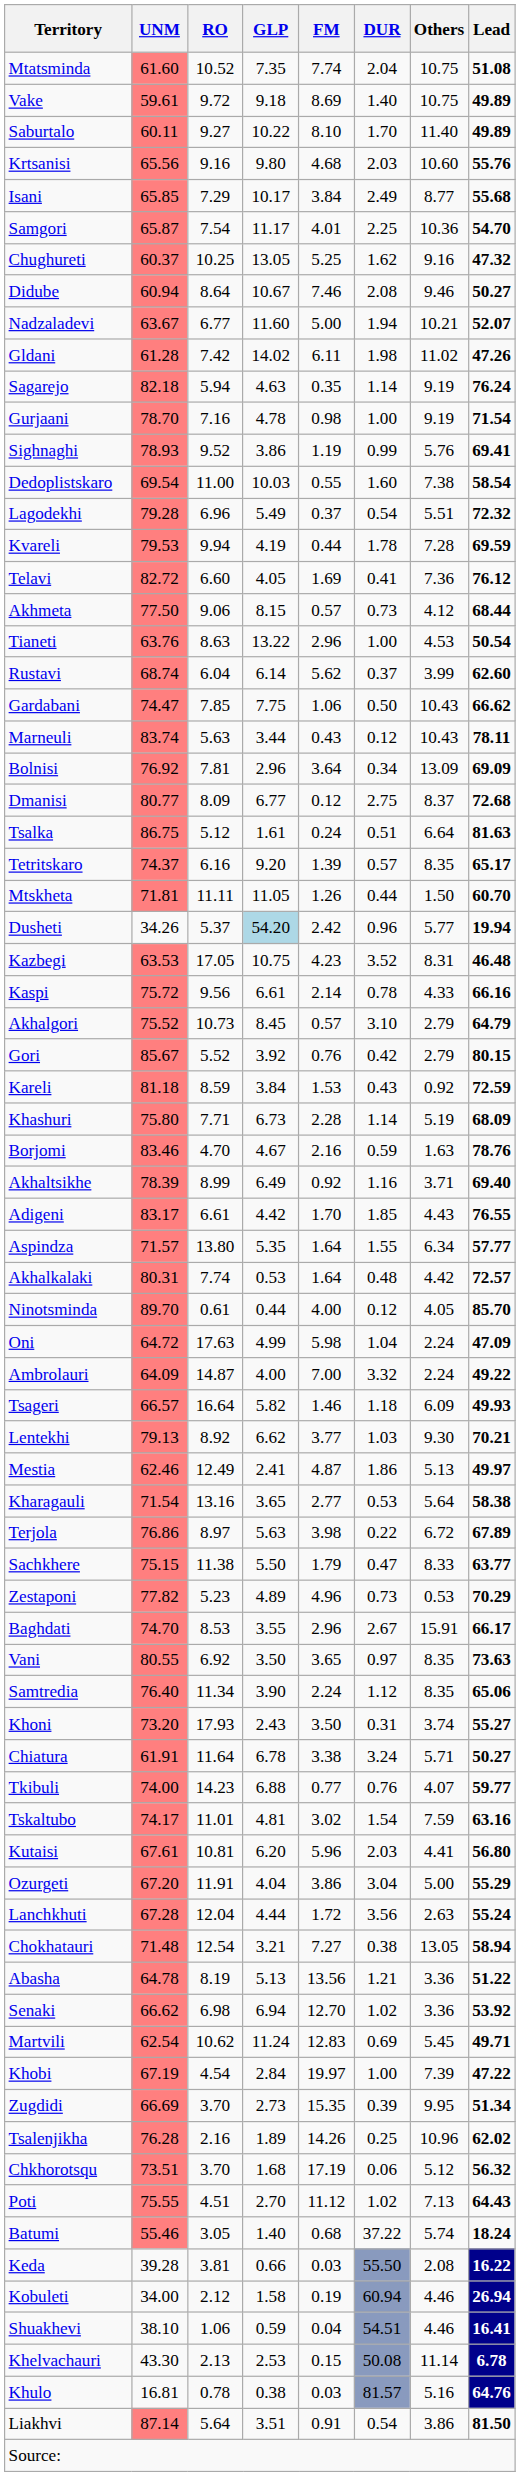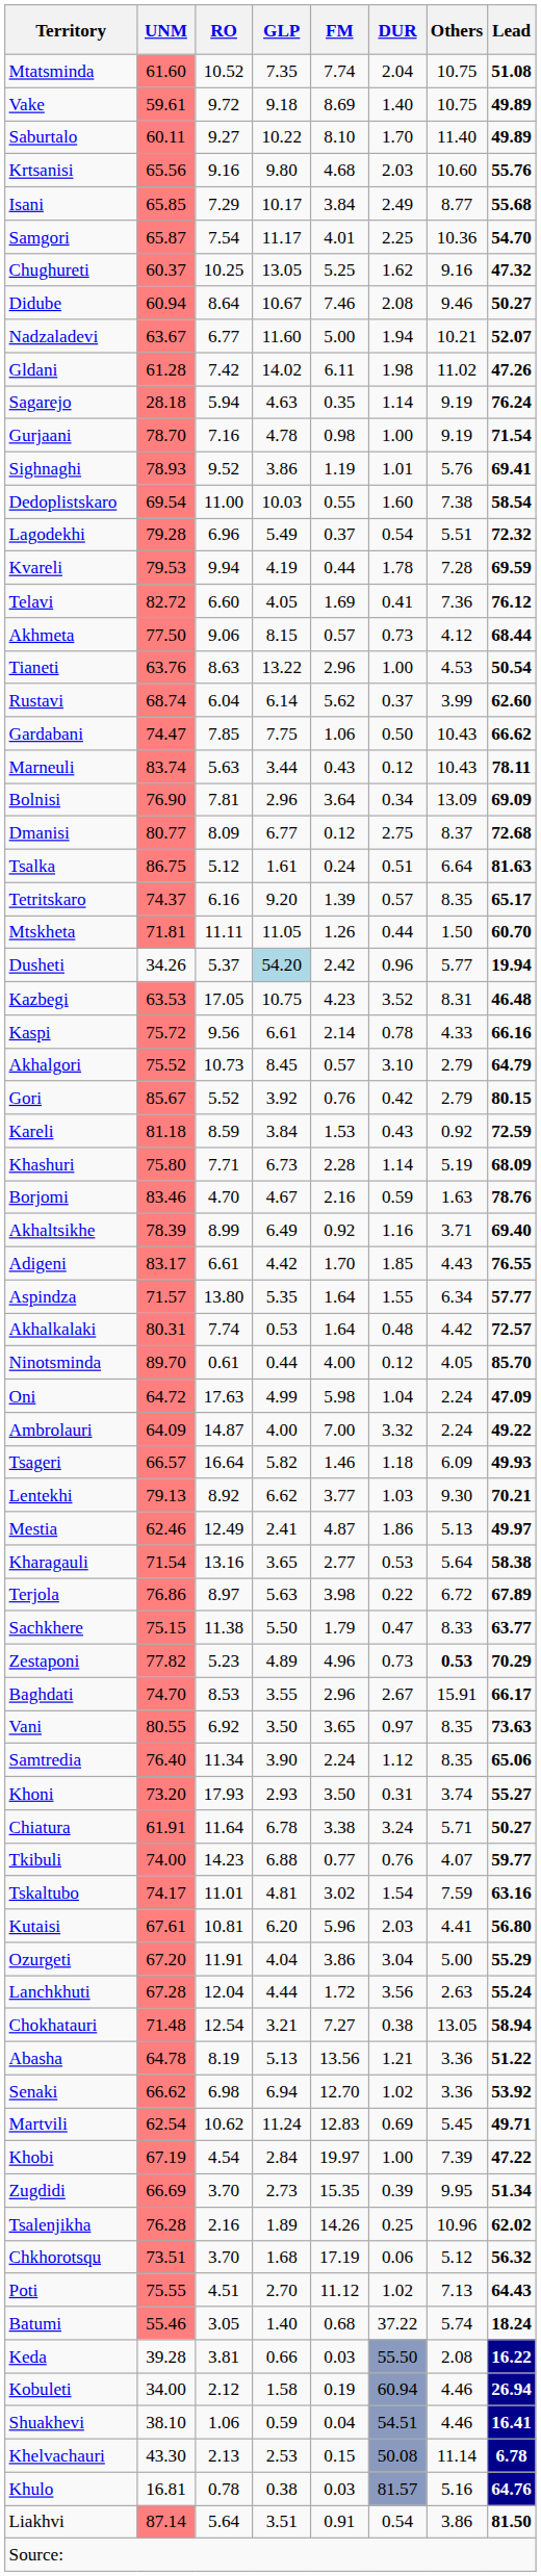 <table class="wikitable sortable" style="text-align:center;font-size:90%;line-height:20px">
 <tr style="height:40px;">
 <th style="width:100px;">Territory</th>
 <th style="width:40px;"><a href='#'>UNM</a></th>
 <th style="width:40px;"><a href='#'>RO</a></th>
 <th style="width:40px;"><a href='#'>GLP</a></th>
 <th style="width:40px;"><a href='#'>FM</a></th>
 <th style="width:40px;"><a href='#'>DUR</a></th>
 <th style="width:40px;">Others</th>
 <th style="width:30px;">Lead</th>
 </tr>
 <tr>
 <td align="left"><a href='#'>Mtatsminda</a></td>
 <td style="background:#FF7F7F;">61.60</td>
 <td>10.52</td>
 <td>7.35</td>
 <td>7.74</td>
 <td>2.04</td>
 <td>10.75</td>
 <td style="background:"><strong>51.08</strong></td>
 </tr>
 <tr>
 <td align="left"><a href='#'>Vake</a></td>
 <td style="background:#FF7F7F;">59.61</td>
 <td>9.72</td>
 <td>9.18</td>
 <td>8.69</td>
 <td>1.40</td>
 <td>10.75</td>
 <td style="background:"><strong>49.89</strong></td>
 </tr>
 <tr>
 <td align="left"><a href='#'>Saburtalo</a></td>
 <td style="background:#FF7F7F;">60.11</td>
 <td>9.27</td>
 <td>10.22</td>
 <td>8.10</td>
 <td>1.70</td>
 <td>11.40</td>
 <td style="background:"><strong>49.89</strong></td>
 </tr>
 <tr>
 <td align="left"><a href='#'>Krtsanisi</a></td>
 <td style="background:#FF7F7F;">65.56</td>
 <td>9.16</td>
 <td>9.80</td>
 <td>4.68</td>
 <td>2.03</td>
 <td>10.60</td>
 <td style="background:"><strong>55.76</strong></td>
 </tr>
 <tr>
 <td align="left"><a href='#'>Isani</a></td>
 <td style="background:#FF7F7F;">65.85</td>
 <td>7.29</td>
 <td>10.17</td>
 <td>3.84</td>
 <td>2.49</td>
 <td>8.77</td>
 <td style="background:"><strong>55.68</strong></td>
 </tr>
 <tr>
 <td align="left"><a href='#'>Samgori</a></td>
 <td style="background:#FF7F7F;">65.87</td>
 <td>7.54</td>
 <td>11.17</td>
 <td>4.01</td>
 <td>2.25</td>
 <td>10.36</td>
 <td style="background:"><strong>54.70</strong></td>
 </tr>
 <tr>
 <td align="left"><a href='#'>Chughureti</a></td>
 <td style="background:#FF7F7F;">60.37</td>
 <td>10.25</td>
 <td>13.05</td>
 <td>5.25</td>
 <td>1.62</td>
 <td>9.16</td>
 <td style="background:"><strong>47.32</strong></td>
 </tr>
 <tr>
 <td align="left"><a href='#'>Didube</a></td>
 <td style="background:#FF7F7F;">60.94</td>
 <td>8.64</td>
 <td>10.67</td>
 <td>7.46</td>
 <td>2.08</td>
 <td>9.46</td>
 <td style="background:"><strong>50.27</strong></td>
 </tr>
 <tr>
 <td align="left"><a href='#'>Nadzaladevi</a></td>
 <td style="background:#FF7F7F;">63.67</td>
 <td>6.77</td>
 <td>11.60</td>
 <td>5.00</td>
 <td>1.94</td>
 <td>10.21</td>
 <td style="background:"><strong>52.07</strong></td>
 </tr>
 <tr>
 <td align="left"><a href='#'>Gldani</a></td>
 <td style="background:#FF7F7F;">61.28</td>
 <td>7.42</td>
 <td>14.02</td>
 <td>6.11</td>
 <td>1.98</td>
 <td>11.02</td>
 <td style="background:"><strong>47.26</strong></td>
 </tr>
 <tr>
 <td align="left"><a href='#'>Sagarejo</a></td>
-<td style="background:#FF7F7F;">82.18</td>
+<td style="background:#FF7F7F;">28.18</td>
 <td>5.94</td>
 <td>4.63</td>
 <td>0.35</td>
 <td>1.14</td>
 <td>9.19</td>
 <td style="background:"><strong>76.24</strong></td>
 </tr>
 <tr>
 <td align="left"><a href='#'>Gurjaani</a></td>
 <td style="background:#FF7F7F;">78.70</td>
 <td>7.16</td>
 <td>4.78</td>
 <td>0.98</td>
 <td>1.00</td>
 <td>9.19</td>
 <td style="background:"><strong>71.54</strong></td>
 </tr>
 <tr>
 <td align="left"><a href='#'>Sighnaghi</a></td>
 <td style="background:#FF7F7F;">78.93</td>
 <td>9.52</td>
 <td>3.86</td>
 <td>1.19</td>
-<td>0.99</td>
+<td>1.01</td>
 <td>5.76</td>
 <td style="background:"><strong>69.41</strong></td>
 </tr>
 <tr>
 <td align="left"><a href='#'>Dedoplistskaro</a></td>
 <td style="background:#FF7F7F;">69.54</td>
 <td>11.00</td>
 <td>10.03</td>
 <td>0.55</td>
 <td>1.60</td>
 <td>7.38</td>
 <td style="background:"><strong>58.54</strong></td>
 </tr>
 <tr>
 <td align="left"><a href='#'>Lagodekhi</a></td>
 <td style="background:#FF7F7F;">79.28</td>
 <td>6.96</td>
 <td>5.49</td>
 <td>0.37</td>
 <td>0.54</td>
 <td>5.51</td>
 <td style="background:"><strong>72.32</strong></td>
 </tr>
 <tr>
 <td align="left"><a href='#'>Kvareli</a></td>
 <td style="background:#FF7F7F;">79.53</td>
 <td>9.94</td>
 <td>4.19</td>
 <td>0.44</td>
 <td>1.78</td>
 <td>7.28</td>
 <td style="background:"><strong>69.59</strong></td>
 </tr>
 <tr>
 <td align="left"><a href='#'>Telavi</a></td>
 <td style="background:#FF7F7F;">82.72</td>
 <td>6.60</td>
 <td>4.05</td>
 <td>1.69</td>
 <td>0.41</td>
 <td>7.36</td>
 <td style="background:"><strong>76.12</strong></td>
 </tr>
 <tr>
 <td align="left"><a href='#'>Akhmeta</a></td>
 <td style="background:#FF7F7F;">77.50</td>
 <td>9.06</td>
 <td>8.15</td>
 <td>0.57</td>
 <td>0.73</td>
 <td>4.12</td>
 <td style="background:"><strong>68.44</strong></td>
 </tr>
 <tr>
 <td align="left"><a href='#'>Tianeti</a></td>
 <td style="background:#FF7F7F;">63.76</td>
 <td>8.63</td>
 <td>13.22</td>
 <td>2.96</td>
 <td>1.00</td>
 <td>4.53</td>
 <td style="background:"><strong>50.54</strong></td>
 </tr>
 <tr>
 <td align="left"><a href='#'>Rustavi</a></td>
 <td style="background:#FF7F7F;">68.74</td>
 <td>6.04</td>
 <td>6.14</td>
 <td>5.62</td>
 <td>0.37</td>
 <td>3.99</td>
 <td style="background:"><strong>62.60</strong></td>
 </tr>
 <tr>
 <td align="left"><a href='#'>Gardabani</a></td>
 <td style="background:#FF7F7F;">74.47</td>
 <td>7.85</td>
 <td>7.75</td>
 <td>1.06</td>
 <td>0.50</td>
 <td>10.43</td>
 <td style="background:"><strong>66.62</strong></td>
 </tr>
 <tr>
 <td align="left"><a href='#'>Marneuli</a></td>
 <td style="background:#FF7F7F;">83.74</td>
 <td>5.63</td>
 <td>3.44</td>
 <td>0.43</td>
 <td>0.12</td>
 <td>10.43</td>
 <td style="background:"><strong>78.11</strong></td>
 </tr>
 <tr>
 <td align="left"><a href='#'>Bolnisi</a></td>
-<td style="background:#FF7F7F;">76.92</td>
+<td style="background:#FF7F7F;">76.90</td>
 <td>7.81</td>
 <td>2.96</td>
 <td>3.64</td>
 <td>0.34</td>
 <td>13.09</td>
 <td style="background:"><strong>69.09</strong></td>
 </tr>
 <tr>
 <td align="left"><a href='#'>Dmanisi</a></td>
 <td style="background:#FF7F7F;">80.77</td>
 <td>8.09</td>
 <td>6.77</td>
 <td>0.12</td>
 <td>2.75</td>
 <td>8.37</td>
 <td style="background:"><strong>72.68</strong></td>
 </tr>
 <tr>
 <td align="left"><a href='#'>Tsalka</a></td>
 <td style="background:#FF7F7F;">86.75</td>
 <td>5.12</td>
 <td>1.61</td>
 <td>0.24</td>
 <td>0.51</td>
 <td>6.64</td>
 <td style="background:"><strong>81.63</strong></td>
 </tr>
 <tr>
 <td align="left"><a href='#'>Tetritskaro</a></td>
 <td style="background:#FF7F7F;">74.37</td>
 <td>6.16</td>
 <td>9.20</td>
 <td>1.39</td>
 <td>0.57</td>
 <td>8.35</td>
 <td style="background:"><strong>65.17</strong></td>
 </tr>
 <tr>
 <td align="left"><a href='#'>Mtskheta</a></td>
 <td style="background:#FF7F7F;">71.81</td>
 <td>11.11</td>
 <td>11.05</td>
 <td>1.26</td>
 <td>0.44</td>
 <td>1.50</td>
 <td style="background:"><strong>60.70</strong></td>
 </tr>
 <tr>
 <td align="left"><a href='#'>Dusheti</a></td>
 <td>34.26</td>
 <td>5.37</td>
 <td style="background:#ADD8E6;">54.20</td>
 <td>2.42</td>
 <td>0.96</td>
 <td>5.77</td>
 <td style="background:"><strong>19.94</strong></td>
 </tr>
 <tr>
 <td align="left"><a href='#'>Kazbegi</a></td>
 <td style="background:#FF7F7F;">63.53</td>
 <td>17.05</td>
 <td>10.75</td>
 <td>4.23</td>
 <td>3.52</td>
 <td>8.31</td>
 <td style="background:"><strong>46.48</strong></td>
 </tr>
 <tr>
 <td align="left"><a href='#'>Kaspi</a></td>
 <td style="background:#FF7F7F;">75.72</td>
 <td>9.56</td>
 <td>6.61</td>
 <td>2.14</td>
 <td>0.78</td>
 <td>4.33</td>
 <td style="background:"><strong>66.16</strong></td>
 </tr>
 <tr>
 <td align="left"><a href='#'>Akhalgori</a></td>
 <td style="background:#FF7F7F;">75.52</td>
 <td>10.73</td>
 <td>8.45</td>
 <td>0.57</td>
 <td>3.10</td>
 <td>2.79</td>
 <td style="background:"><strong>64.79</strong></td>
 </tr>
 <tr>
 <td align="left"><a href='#'>Gori</a></td>
 <td style="background:#FF7F7F;">85.67</td>
 <td>5.52</td>
 <td>3.92</td>
 <td>0.76</td>
 <td>0.42</td>
 <td>2.79</td>
 <td style="background:"><strong>80.15</strong></td>
 </tr>
 <tr>
 <td align="left"><a href='#'>Kareli</a></td>
 <td style="background:#FF7F7F;">81.18</td>
 <td>8.59</td>
 <td>3.84</td>
 <td>1.53</td>
 <td>0.43</td>
 <td>0.92</td>
 <td style="background:"><strong>72.59</strong></td>
 </tr>
 <tr>
 <td align="left"><a href='#'>Khashuri</a></td>
 <td style="background:#FF7F7F;">75.80</td>
 <td>7.71</td>
 <td>6.73</td>
 <td>2.28</td>
 <td>1.14</td>
 <td>5.19</td>
 <td style="background:"><strong>68.09</strong></td>
 </tr>
 <tr>
 <td align="left"><a href='#'>Borjomi</a></td>
 <td style="background:#FF7F7F;">83.46</td>
 <td>4.70</td>
 <td>4.67</td>
 <td>2.16</td>
 <td>0.59</td>
 <td>1.63</td>
 <td style="background:"><strong>78.76</strong></td>
 </tr>
 <tr>
 <td align="left"><a href='#'>Akhaltsikhe</a></td>
 <td style="background:#FF7F7F;">78.39</td>
 <td>8.99</td>
 <td>6.49</td>
 <td>0.92</td>
 <td>1.16</td>
 <td>3.71</td>
 <td style="background:"><strong>69.40</strong></td>
 </tr>
 <tr>
 <td align="left"><a href='#'>Adigeni</a></td>
 <td style="background:#FF7F7F;">83.17</td>
 <td>6.61</td>
 <td>4.42</td>
 <td>1.70</td>
 <td>1.85</td>
 <td>4.43</td>
 <td style="background:"><strong>76.55</strong></td>
 </tr>
 <tr>
 <td align="left"><a href='#'>Aspindza</a></td>
 <td style="background:#FF7F7F;">71.57</td>
 <td>13.80</td>
 <td>5.35</td>
 <td>1.64</td>
 <td>1.55</td>
 <td>6.34</td>
 <td style="background:"><strong>57.77</strong></td>
 </tr>
 <tr>
 <td align="left"><a href='#'>Akhalkalaki</a></td>
 <td style="background:#FF7F7F;">80.31</td>
 <td>7.74</td>
 <td>0.53</td>
 <td>1.64</td>
 <td>0.48</td>
 <td>4.42</td>
 <td style="background:"><strong>72.57</strong></td>
 </tr>
 <tr>
 <td align="left"><a href='#'>Ninotsminda</a></td>
 <td style="background:#FF7F7F;">89.70</td>
 <td>0.61</td>
 <td>0.44</td>
 <td>4.00</td>
 <td>0.12</td>
 <td>4.05</td>
 <td style="background:"><strong>85.70</strong></td>
 </tr>
 <tr>
 <td align="left"><a href='#'>Oni</a></td>
 <td style="background:#FF7F7F;">64.72</td>
 <td>17.63</td>
 <td>4.99</td>
 <td>5.98</td>
 <td>1.04</td>
 <td>2.24</td>
 <td style="background:"><strong>47.09</strong></td>
 </tr>
 <tr>
 <td align="left"><a href='#'>Ambrolauri</a></td>
 <td style="background:#FF7F7F;">64.09</td>
 <td>14.87</td>
 <td>4.00</td>
 <td>7.00</td>
 <td>3.32</td>
 <td>2.24</td>
 <td style="background:"><strong>49.22</strong></td>
 </tr>
 <tr>
 <td align="left"><a href='#'>Tsageri</a></td>
 <td style="background:#FF7F7F;">66.57</td>
 <td>16.64</td>
 <td>5.82</td>
 <td>1.46</td>
 <td>1.18</td>
 <td>6.09</td>
 <td style="background:"><strong>49.93</strong></td>
 </tr>
 <tr>
 <td align="left"><a href='#'>Lentekhi</a></td>
 <td style="background:#FF7F7F;">79.13</td>
 <td>8.92</td>
 <td>6.62</td>
 <td>3.77</td>
 <td>1.03</td>
 <td>9.30</td>
 <td style="background:"><strong>70.21</strong></td>
 </tr>
 <tr>
 <td align="left"><a href='#'>Mestia</a></td>
 <td style="background:#FF7F7F;">62.46</td>
 <td>12.49</td>
 <td>2.41</td>
 <td>4.87</td>
 <td>1.86</td>
 <td>5.13</td>
 <td style="background:"><strong>49.97</strong></td>
 </tr>
 <tr>
 <td align="left"><a href='#'>Kharagauli</a></td>
 <td style="background:#FF7F7F;">71.54</td>
 <td>13.16</td>
 <td>3.65</td>
 <td>2.77</td>
 <td>0.53</td>
 <td>5.64</td>
 <td style="background:"><strong>58.38</strong></td>
 </tr>
 <tr>
 <td align="left"><a href='#'>Terjola</a></td>
 <td style="background:#FF7F7F;">76.86</td>
 <td>8.97</td>
 <td>5.63</td>
 <td>3.98</td>
 <td>0.22</td>
 <td>6.72</td>
 <td style="background:"><strong>67.89</strong></td>
 </tr>
 <tr>
 <td align="left"><a href='#'>Sachkhere</a></td>
 <td style="background:#FF7F7F;">75.15</td>
 <td>11.38</td>
 <td>5.50</td>
 <td>1.79</td>
 <td>0.47</td>
 <td>8.33</td>
 <td style="background:"><strong>63.77</strong></td>
 </tr>
 <tr>
 <td align="left"><a href='#'>Zestaponi</a></td>
 <td style="background:#FF7F7F;">77.82</td>
 <td>5.23</td>
 <td>4.89</td>
 <td>4.96</td>
 <td>0.73</td>
-<td>0.53</td>
+<td><strong>0.53</strong></td>
 <td style="background:"><strong>70.29</strong></td>
 </tr>
 <tr>
 <td align="left"><a href='#'>Baghdati</a></td>
 <td style="background:#FF7F7F;">74.70</td>
 <td>8.53</td>
 <td>3.55</td>
 <td>2.96</td>
 <td>2.67</td>
 <td>15.91</td>
 <td style="background:"><strong>66.17</strong></td>
 </tr>
 <tr>
 <td align="left"><a href='#'>Vani</a></td>
 <td style="background:#FF7F7F;">80.55</td>
 <td>6.92</td>
 <td>3.50</td>
 <td>3.65</td>
 <td>0.97</td>
 <td>8.35</td>
 <td style="background:"><strong>73.63</strong></td>
 </tr>
 <tr>
 <td align="left"><a href='#'>Samtredia</a></td>
 <td style="background:#FF7F7F;">76.40</td>
 <td>11.34</td>
 <td>3.90</td>
 <td>2.24</td>
 <td>1.12</td>
 <td>8.35</td>
 <td style="background:"><strong>65.06</strong></td>
 </tr>
 <tr>
 <td align="left"><a href='#'>Khoni</a></td>
 <td style="background:#FF7F7F;">73.20</td>
 <td>17.93</td>
-<td>2.43</td>
+<td>2.93</td>
 <td>3.50</td>
 <td>0.31</td>
 <td>3.74</td>
 <td style="background:"><strong>55.27</strong></td>
 </tr>
 <tr>
 <td align="left"><a href='#'>Chiatura</a></td>
 <td style="background:#FF7F7F;">61.91</td>
 <td>11.64</td>
 <td>6.78</td>
 <td>3.38</td>
 <td>3.24</td>
 <td>5.71</td>
 <td style="background:"><strong>50.27</strong></td>
 </tr>
 <tr>
 <td align="left"><a href='#'>Tkibuli</a></td>
 <td style="background:#FF7F7F;">74.00</td>
 <td>14.23</td>
 <td>6.88</td>
 <td>0.77</td>
 <td>0.76</td>
 <td>4.07</td>
 <td style="background:"><strong>59.77</strong></td>
 </tr>
 <tr>
 <td align="left"><a href='#'>Tskaltubo</a></td>
 <td style="background:#FF7F7F;">74.17</td>
 <td>11.01</td>
 <td>4.81</td>
 <td>3.02</td>
 <td>1.54</td>
 <td>7.59</td>
 <td style="background:"><strong>63.16</strong></td>
 </tr>
 <tr>
 <td align="left"><a href='#'>Kutaisi</a></td>
 <td style="background:#FF7F7F;">67.61</td>
 <td>10.81</td>
 <td>6.20</td>
 <td>5.96</td>
 <td>2.03</td>
 <td>4.41</td>
 <td style="background:"><strong>56.80</strong></td>
 </tr>
 <tr>
 <td align="left"><a href='#'>Ozurgeti</a></td>
 <td style="background:#FF7F7F;">67.20</td>
 <td>11.91</td>
 <td>4.04</td>
 <td>3.86</td>
 <td>3.04</td>
 <td>5.00</td>
 <td style="background:"><strong>55.29</strong></td>
 </tr>
 <tr>
 <td align="left"><a href='#'>Lanchkhuti</a></td>
 <td style="background:#FF7F7F;">67.28</td>
 <td>12.04</td>
 <td>4.44</td>
 <td>1.72</td>
 <td>3.56</td>
 <td>2.63</td>
 <td style="background:"><strong>55.24</strong></td>
 </tr>
 <tr>
 <td align="left"><a href='#'>Chokhatauri</a></td>
 <td style="background:#FF7F7F;">71.48</td>
 <td>12.54</td>
 <td>3.21</td>
 <td>7.27</td>
 <td>0.38</td>
 <td>13.05</td>
 <td style="background:"><strong>58.94</strong></td>
 </tr>
 <tr>
 <td align="left"><a href='#'>Abasha</a></td>
 <td style="background:#FF7F7F;">64.78</td>
 <td>8.19</td>
 <td>5.13</td>
 <td>13.56</td>
 <td>1.21</td>
 <td>3.36</td>
 <td style="background:"><strong>51.22</strong></td>
 </tr>
 <tr>
 <td align="left"><a href='#'>Senaki</a></td>
 <td style="background:#FF7F7F;">66.62</td>
 <td>6.98</td>
 <td>6.94</td>
 <td>12.70</td>
 <td>1.02</td>
 <td>3.36</td>
 <td style="background:"><strong>53.92</strong></td>
 </tr>
 <tr>
 <td align="left"><a href='#'>Martvili</a></td>
 <td style="background:#FF7F7F;">62.54</td>
 <td>10.62</td>
 <td>11.24</td>
 <td>12.83</td>
 <td>0.69</td>
 <td>5.45</td>
 <td style="background:"><strong>49.71</strong></td>
 </tr>
 <tr>
 <td align="left"><a href='#'>Khobi</a></td>
 <td style="background:#FF7F7F;">67.19</td>
 <td>4.54</td>
 <td>2.84</td>
 <td>19.97</td>
 <td>1.00</td>
 <td>7.39</td>
 <td style="background:"><strong>47.22</strong></td>
 </tr>
 <tr>
 <td align="left"><a href='#'>Zugdidi</a></td>
 <td style="background:#FF7F7F;">66.69</td>
 <td>3.70</td>
 <td>2.73</td>
 <td>15.35</td>
 <td>0.39</td>
 <td>9.95</td>
 <td style="background:"><strong>51.34</strong></td>
 </tr>
 <tr>
 <td align="left"><a href='#'>Tsalenjikha</a></td>
 <td style="background:#FF7F7F;">76.28</td>
 <td>2.16</td>
 <td>1.89</td>
 <td>14.26</td>
 <td>0.25</td>
 <td>10.96</td>
 <td style="background:"><strong>62.02</strong></td>
 </tr>
 <tr>
 <td align="left"><a href='#'>Chkhorotsqu</a></td>
 <td style="background:#FF7F7F;">73.51</td>
 <td>3.70</td>
 <td>1.68</td>
 <td>17.19</td>
 <td>0.06</td>
 <td>5.12</td>
 <td style="background:"><strong>56.32</strong></td>
 </tr>
 <tr>
 <td align="left"><a href='#'>Poti</a></td>
 <td style="background:#FF7F7F;">75.55</td>
 <td>4.51</td>
 <td>2.70</td>
 <td>11.12</td>
 <td>1.02</td>
 <td>7.13</td>
 <td style="background:"><strong>64.43</strong></td>
 </tr>
 <tr>
 <td align="left"><a href='#'>Batumi</a></td>
 <td style="background:#FF7F7F;">55.46</td>
 <td>3.05</td>
 <td>1.40</td>
 <td>0.68</td>
 <td>37.22</td>
 <td>5.74</td>
 <td style="background:"><strong>18.24</strong></td>
 </tr>
 <tr>
 <td align="left"><a href='#'>Keda</a></td>
 <td>39.28</td>
 <td>3.81</td>
 <td>0.66</td>
 <td>0.03</td>
 <td style="background:#899ABE;">55.50</td>
 <td>2.08</td>
 <td style="background:#00008B; color:white;"><strong>16.22</strong></td>
 </tr>
 <tr>
 <td align="left"><a href='#'>Kobuleti</a></td>
 <td>34.00</td>
 <td>2.12</td>
 <td>1.58</td>
 <td>0.19</td>
 <td style="background:#899ABE;">60.94</td>
 <td>4.46</td>
 <td style="background:#00008B; color:white;"><strong>26.94</strong></td>
 </tr>
 <tr>
 <td align="left"><a href='#'>Shuakhevi</a></td>
 <td>38.10</td>
 <td>1.06</td>
 <td>0.59</td>
 <td>0.04</td>
 <td style="background:#899ABE;">54.51</td>
 <td>4.46</td>
 <td style="background:#00008B; color:white;"><strong>16.41</strong></td>
 </tr>
 <tr>
 <td align="left"><a href='#'>Khelvachauri</a></td>
 <td>43.30</td>
 <td>2.13</td>
 <td>2.53</td>
 <td>0.15</td>
 <td style="background:#899ABE;">50.08</td>
 <td>11.14</td>
 <td style="background:#00008B; color:white;"><strong>6.78</strong></td>
 </tr>
 <tr>
 <td align="left"><a href='#'>Khulo</a></td>
 <td>16.81</td>
 <td>0.78</td>
 <td>0.38</td>
 <td>0.03</td>
 <td style="background:#899ABE;">81.57</td>
 <td>5.16</td>
 <td style="background:#00008B; color:white;"><strong>64.76</strong></td>
 </tr>
 <tr>
 <td align="left">Liakhvi</td>
 <td style="background:#FF7F7F;">87.14</td>
 <td>5.64</td>
 <td>3.51</td>
 <td>0.91</td>
 <td>0.54</td>
 <td>3.86</td>
 <td style="background:"><strong>81.50</strong></td>
 </tr>
 <tr class=sortbottom>
 <td align=left colspan=9>Source: </td>
 </tr>
 </table>
